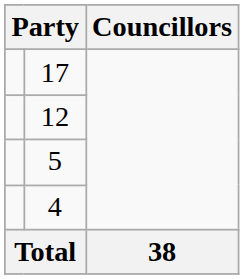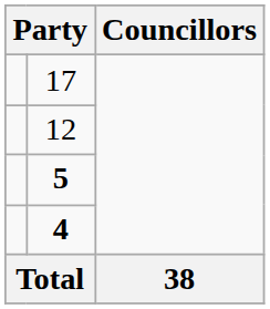 <table class="wikitable">
 <tr>
 <th colspan=2>Party</th>
 <th>Councillors</th>
 </tr>
 <tr>
 <td></td>
 <td align=center>17</td>
 </tr>
 <tr>
 <td></td>
 <td align=center>12</td>
 </tr>
 <tr>
 <td></td>
-<td align=center>5</td>
+<td align=center><strong>5</strong></td>
 </tr>
 <tr>
 <td></td>
-<td align=center>4</td>
+<td align=center><strong>4</strong></td>
 </tr>
 <tr>
 <th colspan=2>Total</th>
 <th align=center>38</th>
 </tr>
 </table>
